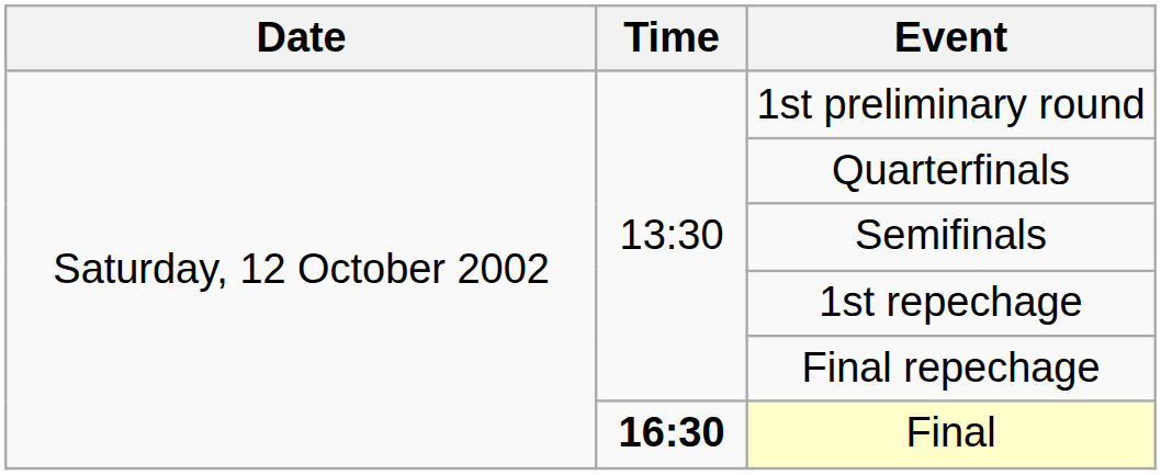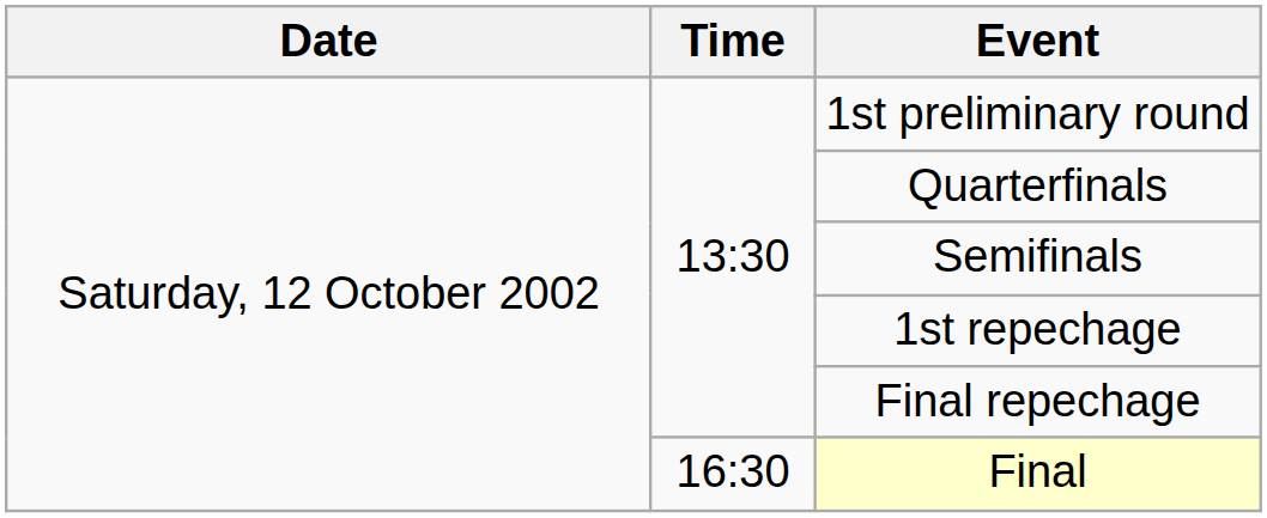 <table class = "wikitable" style="text-align:center;">
 <tr>
 <th width=220>Date</th>
 <th width=50>Time</th>
 <th width=150>Event</th>
 </tr>
 <tr>
 <td rowspan=6>Saturday, 12 October 2002</td>
 <td rowspan=5>13:30</td>
 <td>1st preliminary round</td>
 </tr>
 <tr>
 <td>Quarterfinals</td>
 </tr>
 <tr>
 <td>Semifinals</td>
 </tr>
 <tr>
 <td>1st repechage</td>
 </tr>
 <tr>
 <td>Final repechage</td>
 </tr>
 <tr>
-<td><strong>16:30</strong></td>
+<td>16:30</td>
 <td bgcolor=ffffcc>Final</td>
 </tr>
 </table>
